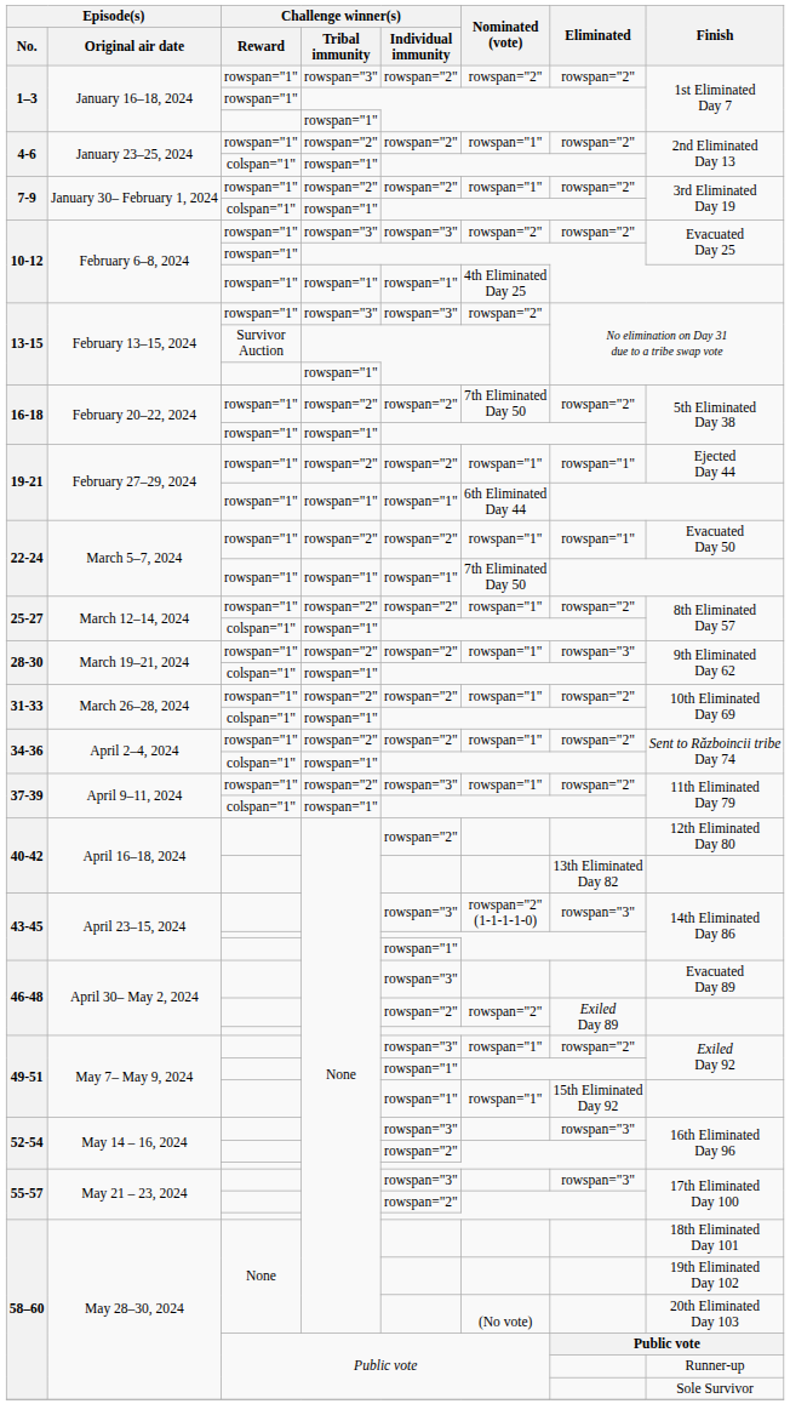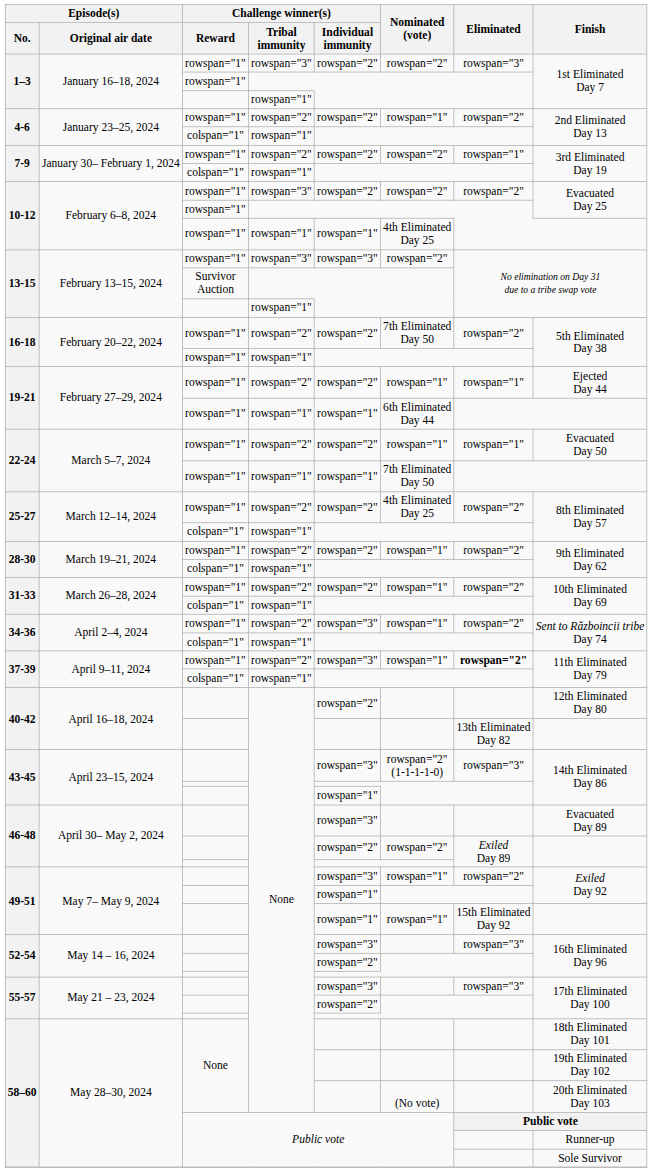 <table class="wikitable plainrowheaders nowrap" style="margin:auto; text-align:center">
 <tr>
 <th scope="col" colspan="2">Episode(s)</th>
 <th scope="col" colspan="3">Challenge winner(s)</th>
 <th scope="col"  rowspan="2">Nominated <br> (vote)</th>
 <th scope="col" rowspan="2">Eliminated</th>
 <th scope="col" rowspan="2">Finish</th>
 </tr>
 <tr>
 <th scope="col" rowspan="1">No.</th>
 <th scope="col" rowspan="1">Original air date</th>
 <th scope="col" rowspan="1">Reward</th>
 <th scope="col" rowspan="1">Tribal<br> immunity</th>
 <th scope="col" rowspan="1">Individual<br> immunity</th>
 </tr>
 <tr>
 <th rowspan="3">1–3</th>
 <td rowspan="3">January 16–18, 2024</td>
 <td>rowspan="1" </td>
 <td>rowspan="3" </td>
 <td>rowspan="2" </td>
 <td>rowspan="2" </td>
-<td>rowspan="2" </td>
+<td>rowspan="3" </td>
 <td rowspan="3">1st Eliminated <br> Day 7</td>
 </tr>
 <tr>
 <td>rowspan="1" </td>
 </tr>
 <tr>
 <td></td>
 <td>rowspan="1" </td>
 </tr>
 <tr>
 <th rowspan="2">4-6</th>
 <td rowspan="2">January 23–25, 2024</td>
 <td>rowspan="1" </td>
 <td>rowspan="2" </td>
 <td>rowspan="2" </td>
 <td>rowspan="1" </td>
 <td>rowspan="2" </td>
 <td rowspan="2">2nd Eliminated<br> Day 13</td>
 </tr>
 <tr>
 <td>colspan="1" </td>
 <td>rowspan="1" </td>
 </tr>
 <tr>
 <th rowspan="2">7-9</th>
 <td rowspan="2">January 30– February 1, 2024</td>
 <td>rowspan="1" </td>
 <td>rowspan="2" </td>
 <td>rowspan="2" </td>
+<td>rowspan="2" </td>
 <td>rowspan="1" </td>
-<td>rowspan="2" </td>
 <td rowspan="2">3rd Eliminated<br> Day 19</td>
 </tr>
 <tr>
 <td>colspan="1" </td>
 <td>rowspan="1" </td>
 </tr>
 <tr>
 <th rowspan="3">10-12</th>
 <td rowspan="3">February 6–8, 2024</td>
 <td>rowspan="1" </td>
 <td>rowspan="3" </td>
-<td>rowspan="3" </td>
+<td>rowspan="2" </td>
 <td>rowspan="2" </td>
 <td>rowspan="2" </td>
 <td rowspan="2">Evacuated <br> Day 25</td>
 </tr>
 <tr>
 <td>rowspan="1" </td>
 </tr>
 <tr>
 <td>rowspan="1" </td>
 <td>rowspan="1" </td>
 <td>rowspan="1" </td>
 <td rowspan="1">4th Eliminated <br> Day 25</td>
 </tr>
 <tr>
 <th rowspan="3">13-15</th>
 <td rowspan="3">February 13–15, 2024</td>
 <td>rowspan="1" </td>
 <td>rowspan="3" </td>
 <td>rowspan="3" </td>
 <td>rowspan="2" </td>
 <td rowspan="3" colspan="2"><em><small>No elimination on Day 31<br>due to a tribe swap vote</small></em></td>
 </tr>
 <tr>
 <td rowspan="1">Survivor<br> Auction</td>
 </tr>
 <tr>
 <td></td>
 <td>rowspan="1" </td>
 </tr>
 <tr>
 <th rowspan="2">16-18</th>
 <td rowspan="2">February 20–22, 2024</td>
 <td>rowspan="1" </td>
 <td>rowspan="2" </td>
 <td>rowspan="2" </td>
 <td rowspan="1">7th Eliminated <br> Day 50</td>
 <td>rowspan="2" </td>
 <td rowspan="2">5th Eliminated <br> Day 38</td>
 </tr>
 <tr>
 <td>rowspan="1" </td>
 <td>rowspan="1" </td>
 </tr>
 <tr>
 <th rowspan="2">19-21</th>
 <td rowspan="2">February 27–29, 2024</td>
 <td>rowspan="1" </td>
 <td>rowspan="2" </td>
 <td>rowspan="2" </td>
 <td>rowspan="1" </td>
 <td>rowspan="1" </td>
 <td rowspan="1">Ejected <br> Day 44</td>
 </tr>
 <tr>
 <td>rowspan="1" </td>
 <td>rowspan="1" </td>
 <td>rowspan="1" </td>
 <td rowspan="1">6th Eliminated <br> Day 44</td>
 </tr>
 <tr>
 <th rowspan="2">22-24</th>
 <td rowspan="2">March 5–7, 2024</td>
 <td>rowspan="1" </td>
 <td>rowspan="2" </td>
 <td>rowspan="2" </td>
 <td>rowspan="1" </td>
 <td>rowspan="1" </td>
 <td rowspan="1">Evacuated <br> Day 50</td>
 </tr>
 <tr>
 <td>rowspan="1" </td>
 <td>rowspan="1" </td>
 <td>rowspan="1" </td>
 <td rowspan="1">7th Eliminated <br> Day 50</td>
 </tr>
 <tr>
 <th rowspan="2">25-27</th>
 <td rowspan="2">March 12–14, 2024</td>
 <td>rowspan="1" </td>
 <td>rowspan="2" </td>
 <td>rowspan="2" </td>
-<td>rowspan="1" </td>
+<td rowspan="1">4th Eliminated <br> Day 25</td>
 <td>rowspan="2" </td>
 <td rowspan="2">8th Eliminated<br> Day 57</td>
 </tr>
 <tr>
 <td>colspan="1" </td>
 <td>rowspan="1" </td>
 </tr>
 <tr>
 <th rowspan="2">28-30</th>
 <td rowspan="2">March 19–21, 2024</td>
 <td>rowspan="1" </td>
 <td>rowspan="2" </td>
 <td>rowspan="2" </td>
 <td>rowspan="1" </td>
-<td>rowspan="3" </td>
+<td>rowspan="2" </td>
 <td rowspan="2">9th Eliminated<br> Day 62</td>
 </tr>
 <tr>
 <td>colspan="1" </td>
 <td>rowspan="1" </td>
 </tr>
 <tr>
 <th rowspan="2">31-33</th>
 <td rowspan="2">March 26–28, 2024</td>
 <td>rowspan="1" </td>
 <td>rowspan="2" </td>
 <td>rowspan="2" </td>
 <td>rowspan="1" </td>
 <td>rowspan="2" </td>
 <td rowspan="2">10th Eliminated<br> Day 69</td>
 </tr>
 <tr>
 <td>colspan="1" </td>
 <td>rowspan="1" </td>
 </tr>
 <tr>
 <th rowspan="2">34-36</th>
 <td rowspan="2">April 2–4, 2024</td>
 <td>rowspan="1" </td>
 <td>rowspan="2" </td>
-<td>rowspan="2" </td>
+<td>rowspan="3" </td>
 <td>rowspan="1" </td>
 <td>rowspan="2" </td>
 <td rowspan="2"><em>Sent to Războincii tribe</em><br> Day 74</td>
 </tr>
 <tr>
 <td>colspan="1" </td>
 <td>rowspan="1" </td>
 </tr>
 <tr>
 <th rowspan="2">37-39</th>
 <td rowspan="2">April 9–11, 2024</td>
 <td>rowspan="1" </td>
 <td>rowspan="2" </td>
 <td>rowspan="3" </td>
 <td>rowspan="1" </td>
-<td>rowspan="2" </td>
+<td><strong>rowspan="2" </strong></td>
 <td rowspan="2">11th Eliminated<br> Day 79</td>
 </tr>
 <tr>
 <td>colspan="1" </td>
 <td>rowspan="1" </td>
 </tr>
 <tr>
 <th rowspan="2">40-42</th>
 <td rowspan="2">April 16–18, 2024</td>
 <td></td>
 <td rowspan="20">None</td>
 <td>rowspan="2" </td>
 <td></td>
 <td></td>
 <td>12th Eliminated<br>Day 80</td>
 </tr>
 <tr>
 <td></td>
 <td></td>
 <td></td>
 <td>13th Eliminated<br> Day 82</td>
 </tr>
 <tr>
 <th rowspan="3">43-45</th>
 <td rowspan="3">April 23–15, 2024</td>
 <td></td>
 <td>rowspan="3" </td>
 <td>rowspan="2"<br> (1-1-1-1-0)</td>
 <td>rowspan="3" </td>
 <td rowspan="3">14th Eliminated<br> Day 86</td>
 </tr>
 <tr>
 <td></td>
 </tr>
 <tr>
 <td></td>
 <td>rowspan="1" </td>
 </tr>
 <tr>
 <th rowspan="3">46-48</th>
 <td rowspan="3">April 30– May 2, 2024</td>
 <td></td>
 <td>rowspan="3"</td>
 <td></td>
 <td></td>
 <td rowspan="1">Evacuated<br> Day 89</td>
 </tr>
 <tr>
 <td></td>
 <td>rowspan="2" </td>
 <td>rowspan="2"</td>
 <td rowspan="2"><em>Exiled</em> <br> Day 89</td>
 </tr>
 <tr>
 <td></td>
 </tr>
 <tr>
 <th rowspan="3">49-51</th>
 <td rowspan="3">May 7– May 9, 2024</td>
 <td></td>
 <td>rowspan="3"</td>
 <td>rowspan="1"</td>
 <td>rowspan="2"</td>
 <td rowspan="2"><em>Exiled</em> <br> Day 92</td>
 </tr>
 <tr>
 <td></td>
 <td>rowspan="1" </td>
 </tr>
 <tr>
 <td></td>
 <td>rowspan="1"</td>
 <td>rowspan="1"</td>
 <td rowspan="1">15th Eliminated <br> Day 92</td>
 </tr>
 <tr>
 <th rowspan="3">52-54</th>
 <td rowspan="3">May 14 – 16, 2024</td>
 <td></td>
 <td>rowspan="3"</td>
 <td></td>
 <td>rowspan="3" </td>
 <td rowspan="3">16th Eliminated<br> Day 96</td>
 </tr>
 <tr>
 <td></td>
 <td>rowspan="2" </td>
 </tr>
 <tr>
 <td></td>
 </tr>
 <tr>
 <th rowspan="3">55-57</th>
 <td rowspan="3">May 21 – 23, 2024</td>
 <td></td>
 <td>rowspan="3"</td>
 <td></td>
 <td>rowspan="3" </td>
 <td rowspan="3">17th Eliminated<br> Day 100</td>
 </tr>
 <tr>
 <td></td>
 <td>rowspan="2" </td>
 </tr>
 <tr>
 <td></td>
 </tr>
 <tr>
 <th rowspan="6">58–60</th>
 <td rowspan="6">May 28–30, 2024</td>
 <td rowspan="3">None</td>
 <td></td>
 <td></td>
 <td></td>
 <td>18th Eliminated <br> Day 101</td>
 </tr>
 <tr>
 <td></td>
 <td></td>
 <td></td>
 <td>19th Eliminated <br> Day 102</td>
 </tr>
 <tr>
 <td></td>
 <td><br>(No vote)</td>
 <td></td>
 <td>20th Eliminated <br> Day 103</td>
 </tr>
 <tr>
 <td rowspan="3" colspan="4"><em>Public vote</em></td>
 <th colspan="2">Public vote</th>
 </tr>
 <tr>
 <td></td>
 <td>Runner-up</td>
 </tr>
 <tr>
 <td></td>
 <td>Sole Survivor</td>
 </tr>
 <tr>
 </tr>
 </table>
